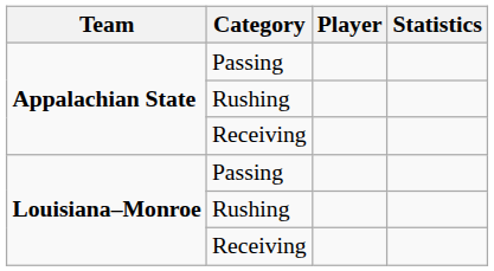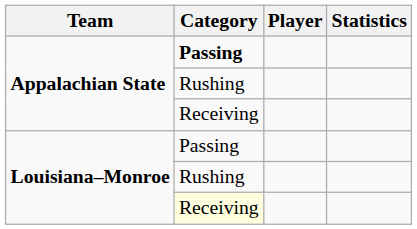 <table class="wikitable" style="float: right;">
 <tr>
 <th>Team</th>
 <th>Category</th>
 <th>Player</th>
 <th>Statistics</th>
 </tr>
 <tr>
 <td rowspan=3><strong>Appalachian State</strong></td>
-<td>Passing</td>
+<td><strong>Passing</strong></td>
 <td></td>
 <td></td>
 </tr>
 <tr>
 <td>Rushing</td>
 <td></td>
 <td></td>
 </tr>
 <tr>
 <td>Receiving</td>
 <td></td>
 <td></td>
 </tr>
 <tr>
 <td rowspan=3><strong>Louisiana–Monroe</strong></td>
 <td>Passing</td>
 <td></td>
 <td></td>
 </tr>
 <tr>
 <td>Rushing</td>
 <td></td>
 <td></td>
 </tr>
 <tr>
-<td>Receiving</td>
+<td style="background: lightyellow;">Receiving</td>
 <td></td>
 <td></td>
 </tr>
 </table>
